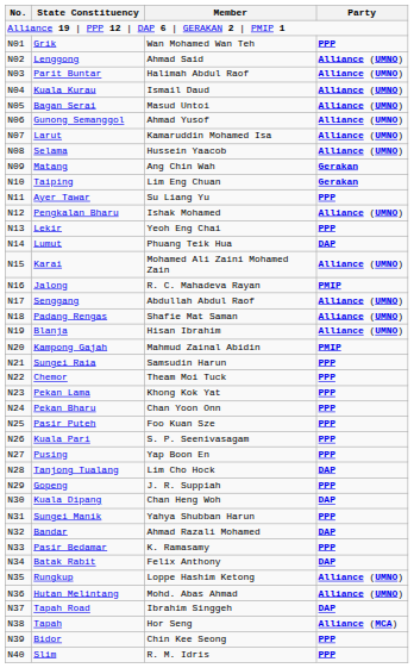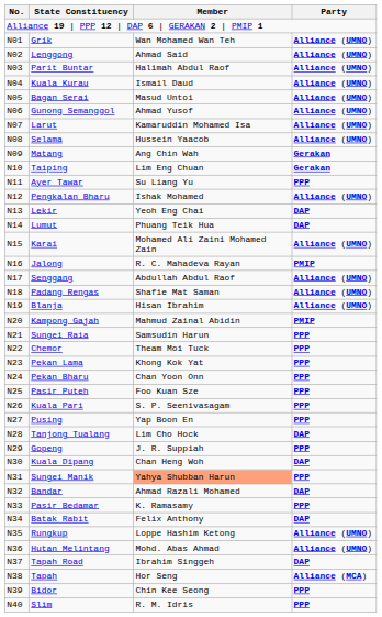 <table class="wikitable sortable">
 <tr>
 <th style="width:30px;">No.</th>
 <th style="width:150px;">State Constituency</th>
 <th style="width:230px;">Member</th>
 <th style="width:120px;">Party</th>
 </tr>
 <tr>
 <td colspan="4"><a href='#'>Alliance</a> <strong>19</strong> | <a href='#'>PPP</a> <strong>12</strong> | <a href='#'>DAP</a> <strong>6</strong> | <a href='#'>GERAKAN</a> <strong>2</strong> | <a href='#'>PMIP</a> <strong>1</strong></td>
 </tr>
 <tr>
 <td>N01</td>
 <td><a href='#'>Grik</a></td>
 <td>Wan Mohamed Wan Teh</td>
-<td><strong><a href='#'>PPP</a></strong></td>
+<td><strong><a href='#'>Alliance</a></strong> (<strong><a href='#'>UMNO</a></strong>)</td>
 </tr>
 <tr>
 <td>N02</td>
 <td><a href='#'>Lenggong</a></td>
 <td>Ahmad Said</td>
 <td><strong><a href='#'>Alliance</a></strong> (<strong><a href='#'>UMNO</a></strong>)</td>
 </tr>
 <tr>
 <td>N03</td>
 <td><a href='#'>Parit Buntar</a></td>
 <td>Halimah Abdul Raof</td>
 <td><strong><a href='#'>Alliance</a></strong> (<strong><a href='#'>UMNO</a></strong>)</td>
 </tr>
 <tr>
 <td>N04</td>
 <td><a href='#'>Kuala Kurau</a></td>
 <td>Ismail Daud</td>
 <td><strong><a href='#'>Alliance</a></strong> (<strong><a href='#'>UMNO</a></strong>)</td>
 </tr>
 <tr>
 <td>N05</td>
 <td><a href='#'>Bagan Serai</a></td>
 <td>Masud Untoi</td>
 <td><strong><a href='#'>Alliance</a></strong> (<strong><a href='#'>UMNO</a></strong>)</td>
 </tr>
 <tr>
 <td>N06</td>
 <td><a href='#'>Gunong Semanggol</a></td>
 <td>Ahmad Yusof</td>
 <td><strong><a href='#'>Alliance</a></strong> (<strong><a href='#'>UMNO</a></strong>)</td>
 </tr>
 <tr>
 <td>N07</td>
 <td><a href='#'>Larut</a></td>
 <td>Kamaruddin Mohamed Isa</td>
 <td><strong><a href='#'>Alliance</a></strong> (<strong><a href='#'>UMNO</a></strong>)</td>
 </tr>
 <tr>
 <td>N08</td>
 <td><a href='#'>Selama</a></td>
 <td>Hussein Yaacob</td>
 <td><strong><a href='#'>Alliance</a></strong> (<strong><a href='#'>UMNO</a></strong>)</td>
 </tr>
 <tr>
 <td>N09</td>
 <td><a href='#'>Matang</a></td>
 <td>Ang Chin Wah</td>
 <td><strong><a href='#'>Gerakan</a></strong></td>
 </tr>
 <tr>
 <td>N10</td>
 <td><a href='#'>Taiping</a></td>
 <td>Lim Eng Chuan</td>
 <td><strong><a href='#'>Gerakan</a></strong></td>
 </tr>
 <tr>
 <td>N11</td>
 <td><a href='#'>Ayer Tawar</a></td>
 <td>Su Liang Yu</td>
 <td><strong><a href='#'>PPP</a></strong></td>
 </tr>
 <tr>
 <td>N12</td>
 <td><a href='#'>Pengkalan Bharu</a></td>
 <td>Ishak Mohamed</td>
 <td><strong><a href='#'>Alliance</a></strong> (<strong><a href='#'>UMNO</a></strong>)</td>
 </tr>
 <tr>
 <td>N13</td>
 <td><a href='#'>Lekir</a></td>
 <td>Yeoh Eng Chai</td>
-<td><strong><a href='#'>PPP</a></strong></td>
+<td><strong><a href='#'>DAP</a></strong></td>
 </tr>
 <tr>
 <td>N14</td>
 <td><a href='#'>Lumut</a></td>
 <td>Phuang Teik Hua</td>
 <td><strong><a href='#'>DAP</a></strong></td>
 </tr>
 <tr>
 <td>N15</td>
 <td><a href='#'>Karai</a></td>
 <td>Mohamed Ali Zaini Mohamed Zain</td>
 <td><strong><a href='#'>Alliance</a></strong> (<strong><a href='#'>UMNO</a></strong>)</td>
 </tr>
 <tr>
 <td>N16</td>
 <td><a href='#'>Jalong</a></td>
 <td>R. C. Mahadeva Rayan</td>
 <td><strong><a href='#'>PMIP</a></strong></td>
 </tr>
 <tr>
 <td>N17</td>
 <td><a href='#'>Senggang</a></td>
 <td>Abdullah Abdul Raof</td>
 <td><strong><a href='#'>Alliance</a></strong> (<strong><a href='#'>UMNO</a></strong>)</td>
 </tr>
 <tr>
 <td>N18</td>
 <td><a href='#'>Padang Rengas</a></td>
 <td>Shafie Mat Saman</td>
 <td><strong><a href='#'>Alliance</a></strong> (<strong><a href='#'>UMNO</a></strong>)</td>
 </tr>
 <tr>
 <td>N19</td>
 <td><a href='#'>Blanja</a></td>
 <td>Hisan Ibrahim</td>
 <td><strong><a href='#'>Alliance</a></strong> (<strong><a href='#'>UMNO</a></strong>)</td>
 </tr>
 <tr>
 <td>N20</td>
 <td><a href='#'>Kampong Gajah</a></td>
 <td>Mahmud Zainal Abidin</td>
 <td><strong><a href='#'>PMIP</a></strong></td>
 </tr>
 <tr>
 <td>N21</td>
 <td><a href='#'>Sungei Raia</a></td>
 <td>Samsudin Harun</td>
 <td><strong><a href='#'>PPP</a></strong></td>
 </tr>
 <tr>
 <td>N22</td>
 <td><a href='#'>Chemor</a></td>
 <td>Theam Moi Tuck</td>
 <td><strong><a href='#'>PPP</a></strong></td>
 </tr>
 <tr>
 <td>N23</td>
 <td><a href='#'>Pekan Lama</a></td>
 <td>Khong Kok Yat</td>
 <td><strong><a href='#'>PPP</a></strong></td>
 </tr>
 <tr>
 <td>N24</td>
 <td><a href='#'>Pekan Bharu</a></td>
 <td>Chan Yoon Onn</td>
 <td><strong><a href='#'>PPP</a></strong></td>
 </tr>
 <tr>
 <td>N25</td>
 <td><a href='#'>Pasir Puteh</a></td>
 <td>Foo Kuan Sze</td>
 <td><strong><a href='#'>PPP</a></strong></td>
 </tr>
 <tr>
 <td>N26</td>
 <td><a href='#'>Kuala Pari</a></td>
 <td>S. P. Seenivasagam</td>
 <td><strong><a href='#'>PPP</a></strong></td>
 </tr>
 <tr>
 <td>N27</td>
 <td><a href='#'>Pusing</a></td>
 <td>Yap Boon En</td>
 <td><strong><a href='#'>PPP</a></strong></td>
 </tr>
 <tr>
 <td>N28</td>
 <td><a href='#'>Tanjong Tualang</a></td>
 <td>Lim Cho Hock</td>
 <td><strong><a href='#'>DAP</a></strong></td>
 </tr>
 <tr>
 <td>N29</td>
 <td><a href='#'>Gopeng</a></td>
 <td>J. R. Suppiah</td>
 <td><strong><a href='#'>PPP</a></strong></td>
 </tr>
 <tr>
 <td>N30</td>
 <td><a href='#'>Kuala Dipang</a></td>
 <td>Chan Heng Woh</td>
 <td><strong><a href='#'>DAP</a></strong></td>
 </tr>
 <tr>
 <td>N31</td>
 <td><a href='#'>Sungei Manik</a></td>
-<td>Yahya Shubban Harun</td>
+<td style="background: lightsalmon;">Yahya Shubban Harun</td>
 <td><strong><a href='#'>PPP</a></strong></td>
 </tr>
 <tr>
 <td>N32</td>
 <td><a href='#'>Bandar</a></td>
 <td>Ahmad Razali Mohamed</td>
 <td><strong><a href='#'>DAP</a></strong></td>
 </tr>
 <tr>
 <td>N33</td>
 <td><a href='#'>Pasir Bedamar</a></td>
 <td>K. Ramasamy</td>
 <td><strong><a href='#'>PPP</a></strong></td>
 </tr>
 <tr>
 <td>N34</td>
 <td><a href='#'>Batak Rabit</a></td>
 <td>Felix Anthony</td>
 <td><strong><a href='#'>DAP</a></strong></td>
 </tr>
 <tr>
 <td>N35</td>
 <td><a href='#'>Rungkup</a></td>
 <td>Loppe Hashim Ketong</td>
 <td><strong><a href='#'>Alliance</a></strong> (<strong><a href='#'>UMNO</a></strong>)</td>
 </tr>
 <tr>
 <td>N36</td>
 <td><a href='#'>Hutan Melintang</a></td>
 <td>Mohd. Abas Ahmad</td>
 <td><strong><a href='#'>Alliance</a></strong> (<strong><a href='#'>UMNO</a></strong>)</td>
 </tr>
 <tr>
 <td>N37</td>
 <td><a href='#'>Tapah Road</a></td>
 <td>Ibrahim Singgeh</td>
 <td><strong><a href='#'>DAP</a></strong></td>
 </tr>
 <tr>
 <td>N38</td>
 <td><a href='#'>Tapah</a></td>
 <td>Hor Seng</td>
 <td><strong><a href='#'>Alliance</a></strong> (<strong><a href='#'>MCA</a></strong>)</td>
 </tr>
 <tr>
 <td>N39</td>
 <td><a href='#'>Bidor</a></td>
 <td>Chin Kee Seong</td>
 <td><strong><a href='#'>PPP</a></strong></td>
 </tr>
 <tr>
 <td>N40</td>
 <td><a href='#'>Slim</a></td>
 <td>R. M. Idris</td>
 <td><strong><a href='#'>PPP</a></strong></td>
 </tr>
 </table>
